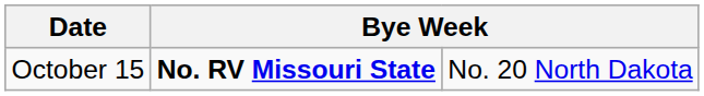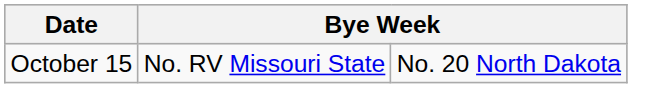 <table class="wikitable" style="font-size:95%;">
 <tr>
 <th>Date</th>
 <th colspan="2">Bye Week</th>
 </tr>
 <tr>
 <td>October 15</td>
-<td><strong>No. RV <a href='#'>Missouri State</a></strong></td>
+<td>No. RV <a href='#'>Missouri State</a></td>
 <td>No. 20 <a href='#'>North Dakota</a></td>
 </tr>
 </table>
